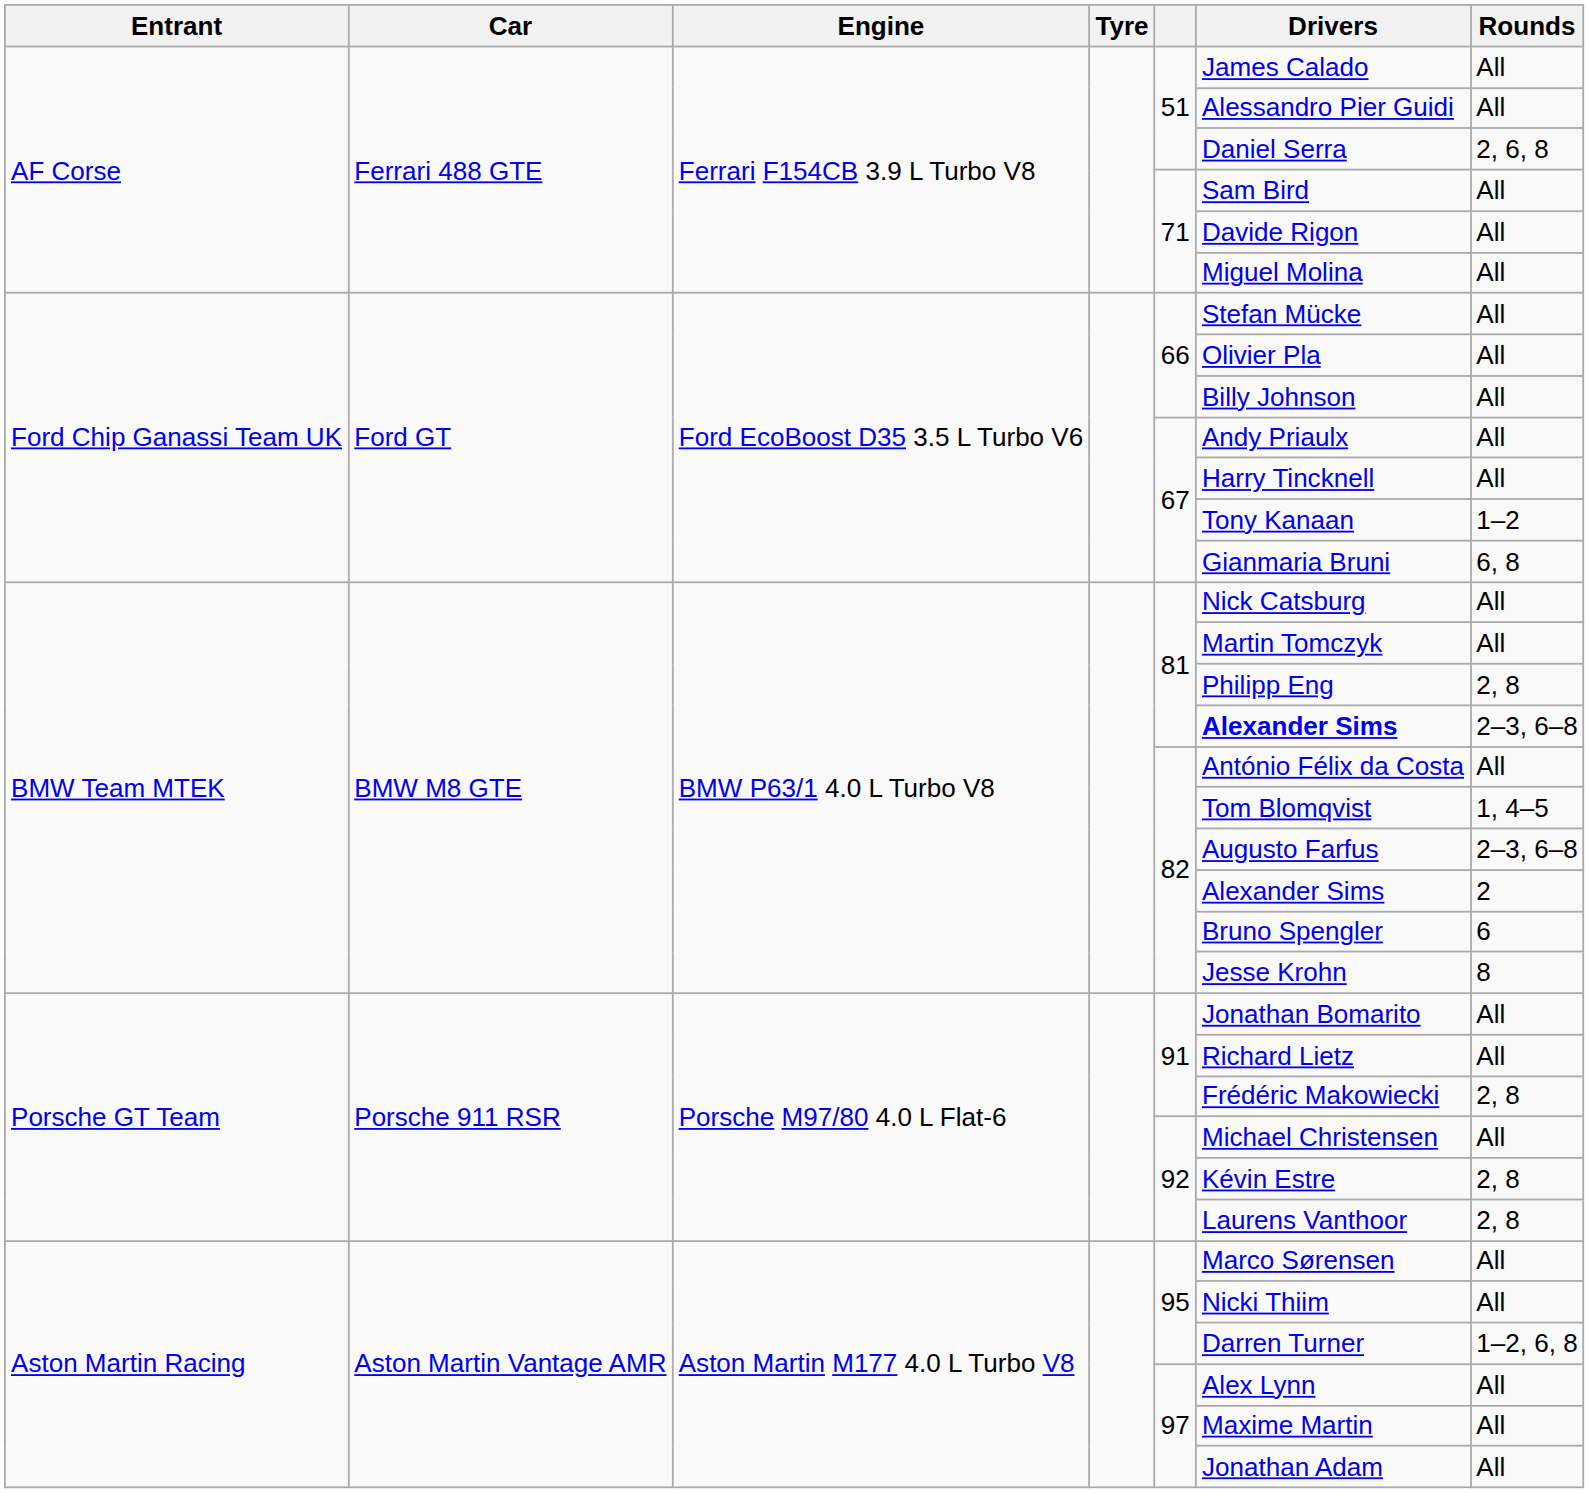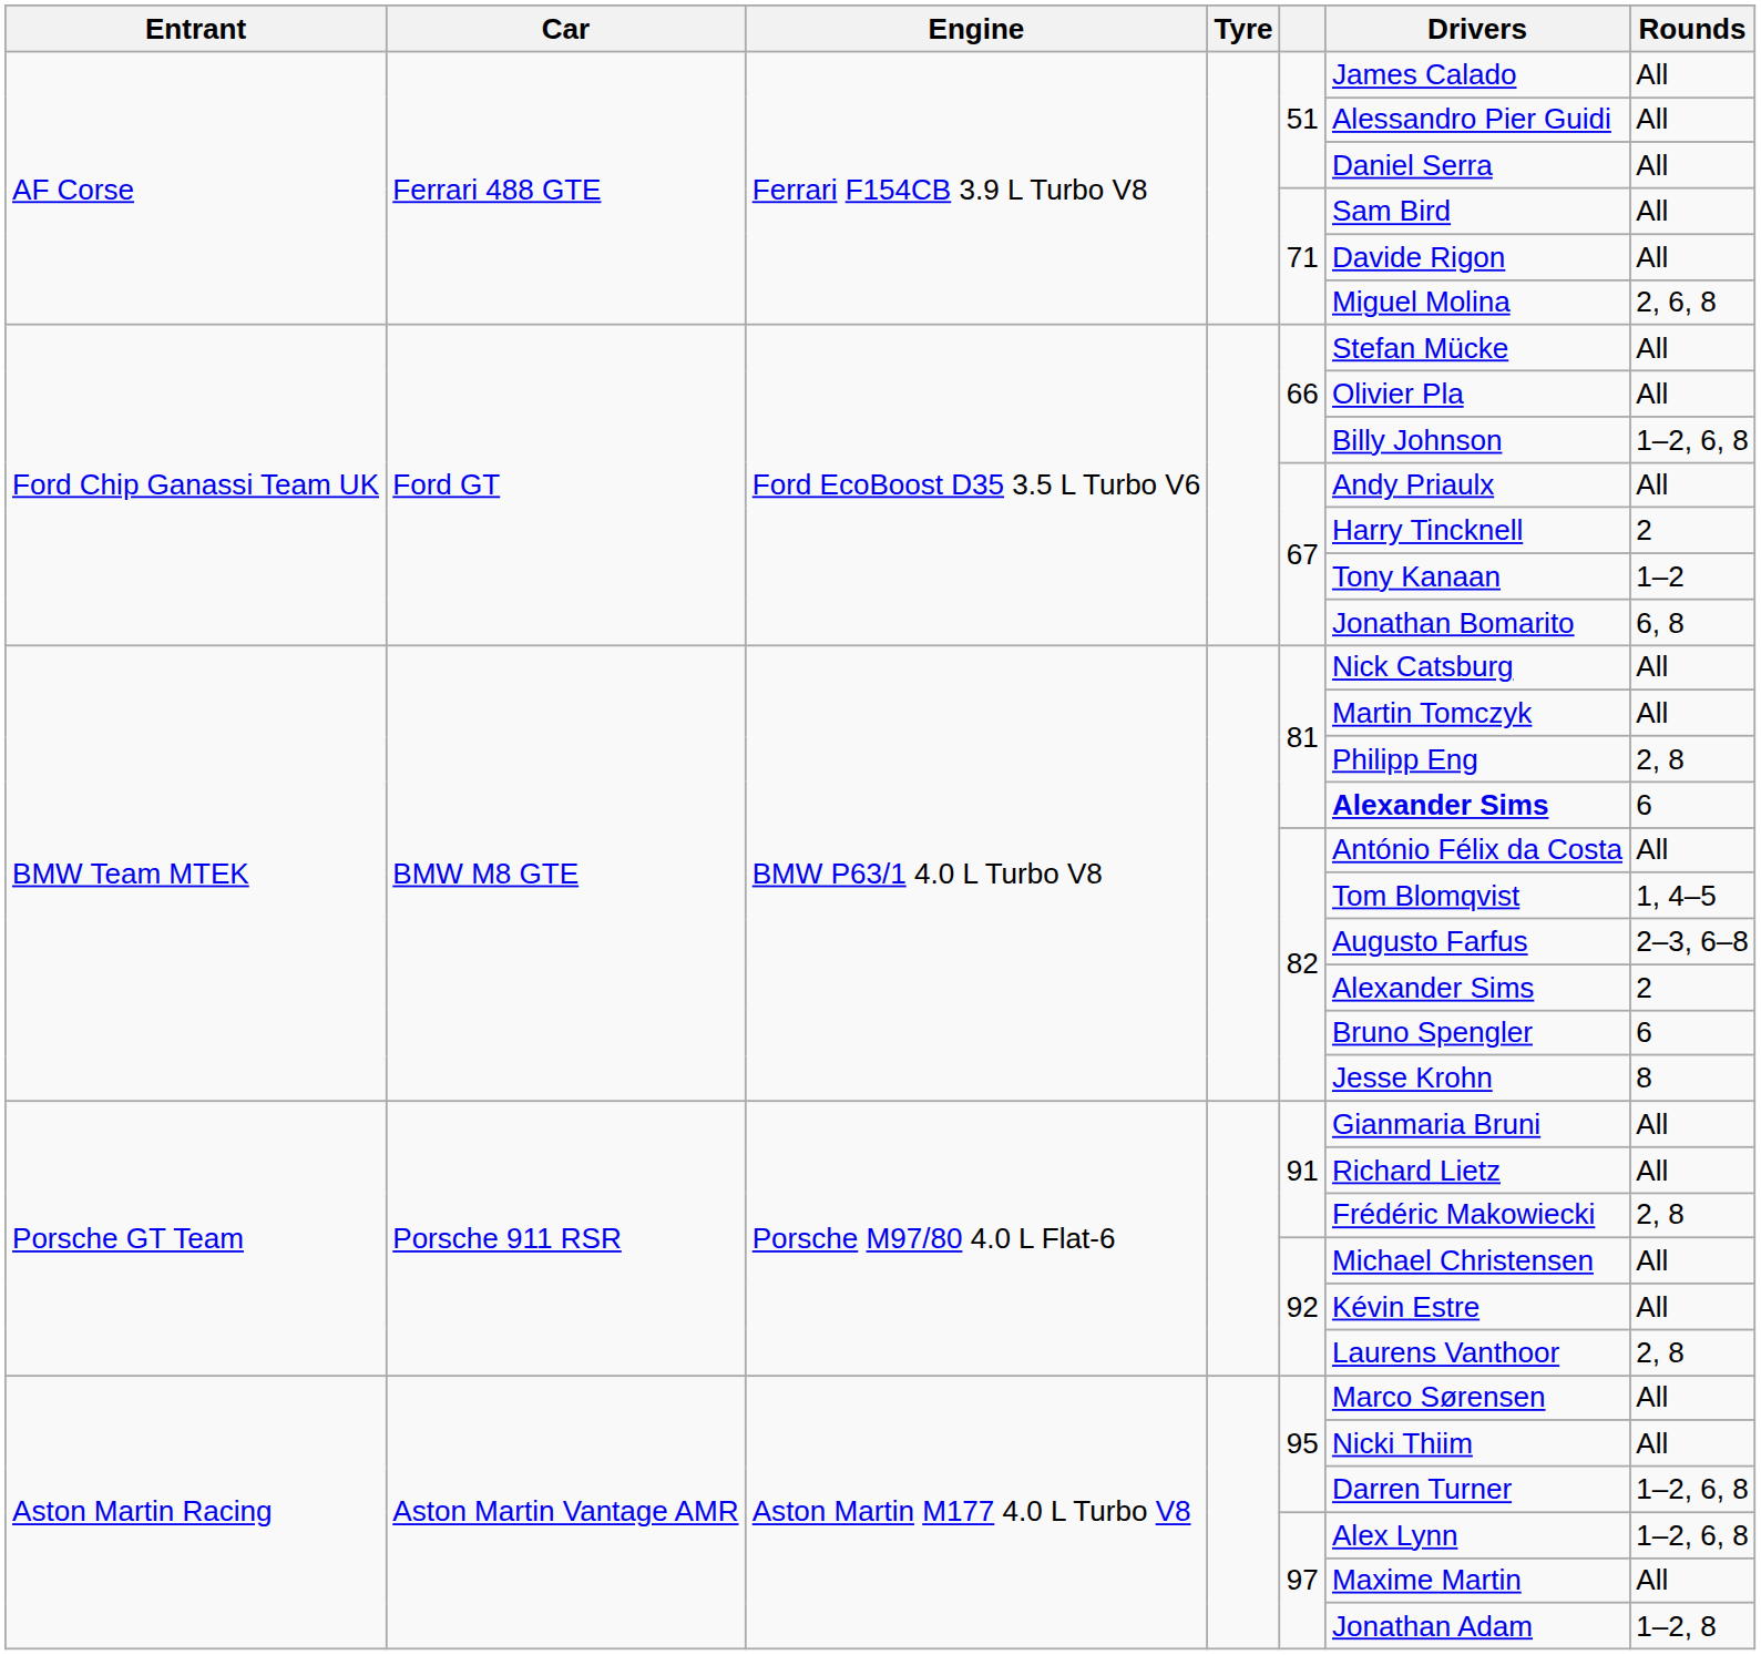 <table class="wikitable" style="font-size: 90%">
 <tr>
 <th>Entrant</th>
 <th>Car</th>
 <th>Engine</th>
 <th>Tyre</th>
 <th></th>
 <th>Drivers</th>
 <th>Rounds</th>
 </tr>
 <tr>
 <td rowspan=6> <a href='#'>AF Corse</a></td>
 <td rowspan=6><a href='#'>Ferrari 488 GTE</a></td>
 <td rowspan=6><a href='#'>Ferrari</a> <a href='#'>F154CB</a> 3.9 L Turbo V8</td>
 <td rowspan=6></td>
 <td rowspan=3>51</td>
 <td> <a href='#'>James Calado</a></td>
 <td>All</td>
 </tr>
 <tr>
 <td> <a href='#'>Alessandro Pier Guidi</a></td>
 <td>All</td>
 </tr>
 <tr>
 <td> <a href='#'>Daniel Serra</a></td>
-<td>2, 6, 8</td>
+<td>All</td>
 </tr>
 <tr>
 <td rowspan=3>71</td>
 <td> <a href='#'>Sam Bird</a></td>
 <td>All</td>
 </tr>
 <tr>
 <td> <a href='#'>Davide Rigon</a></td>
 <td>All</td>
 </tr>
 <tr>
 <td> <a href='#'>Miguel Molina</a></td>
-<td>All</td>
+<td>2, 6, 8</td>
 </tr>
 <tr>
 <td rowspan=7> <a href='#'>Ford Chip Ganassi Team UK</a></td>
 <td rowspan=7><a href='#'>Ford GT</a></td>
 <td rowspan=7><a href='#'>Ford EcoBoost D35</a> 3.5 L Turbo V6</td>
 <td rowspan=7></td>
 <td rowspan=3>66</td>
 <td> <a href='#'>Stefan Mücke</a></td>
 <td>All</td>
 </tr>
 <tr>
 <td> <a href='#'>Olivier Pla</a></td>
 <td>All</td>
 </tr>
 <tr>
 <td> <a href='#'>Billy Johnson</a></td>
-<td>All</td>
+<td>1–2, 6, 8</td>
 </tr>
 <tr>
 <td rowspan=4>67</td>
 <td> <a href='#'>Andy Priaulx</a></td>
 <td>All</td>
 </tr>
 <tr>
 <td> <a href='#'>Harry Tincknell</a></td>
-<td>All</td>
+<td>2</td>
 </tr>
 <tr>
 <td> <a href='#'>Tony Kanaan</a></td>
 <td>1–2</td>
 </tr>
 <tr>
-<td> <a href='#'>Gianmaria Bruni</a></td>
+<td> <a href='#'>Jonathan Bomarito</a></td>
 <td>6, 8</td>
 </tr>
 <tr>
 <td rowspan=10> <a href='#'>BMW Team MTEK</a></td>
 <td rowspan=10><a href='#'>BMW M8 GTE</a></td>
 <td rowspan=10><a href='#'>BMW P63/1</a> 4.0 L Turbo V8</td>
 <td rowspan=10></td>
 <td rowspan=4>81</td>
 <td> <a href='#'>Nick Catsburg</a></td>
 <td>All</td>
 </tr>
 <tr>
 <td> <a href='#'>Martin Tomczyk</a></td>
 <td>All</td>
 </tr>
 <tr>
 <td> <a href='#'>Philipp Eng</a></td>
 <td>2, 8</td>
 </tr>
 <tr>
 <td><strong> <a href='#'>Alexander Sims</a></strong></td>
-<td>2–3, 6–8</td>
+<td>6</td>
 </tr>
 <tr>
 <td rowspan=6>82</td>
 <td> <a href='#'>António Félix da Costa</a></td>
 <td>All</td>
 </tr>
 <tr>
 <td> <a href='#'>Tom Blomqvist</a></td>
 <td>1, 4–5</td>
 </tr>
 <tr>
 <td> <a href='#'>Augusto Farfus</a></td>
 <td>2–3, 6–8</td>
 </tr>
 <tr>
 <td> <a href='#'>Alexander Sims</a></td>
 <td>2</td>
 </tr>
 <tr>
 <td> <a href='#'>Bruno Spengler</a></td>
 <td>6</td>
 </tr>
 <tr>
 <td> <a href='#'>Jesse Krohn</a></td>
 <td>8</td>
 </tr>
 <tr>
 <td rowspan=6> <a href='#'>Porsche GT Team</a></td>
 <td rowspan=6><a href='#'>Porsche 911 RSR</a></td>
 <td rowspan=6><a href='#'>Porsche</a> <a href='#'>M97/80</a> 4.0 L Flat-6</td>
 <td rowspan=6></td>
 <td rowspan=3>91</td>
-<td> <a href='#'>Jonathan Bomarito</a></td>
+<td> <a href='#'>Gianmaria Bruni</a></td>
 <td>All</td>
 </tr>
 <tr>
 <td> <a href='#'>Richard Lietz</a></td>
 <td>All</td>
 </tr>
 <tr>
 <td> <a href='#'>Frédéric Makowiecki</a></td>
 <td>2, 8</td>
 </tr>
 <tr>
 <td rowspan=3>92</td>
 <td> <a href='#'>Michael Christensen</a></td>
 <td>All</td>
 </tr>
 <tr>
 <td> <a href='#'>Kévin Estre</a></td>
-<td>2, 8</td>
+<td>All</td>
 </tr>
 <tr>
 <td> <a href='#'>Laurens Vanthoor</a></td>
 <td>2, 8</td>
 </tr>
 <tr>
 <td rowspan=6> <a href='#'>Aston Martin Racing</a></td>
 <td rowspan=6><a href='#'>Aston Martin Vantage AMR</a></td>
 <td rowspan=6><a href='#'>Aston Martin</a> <a href='#'>M177</a> 4.0 L Turbo <a href='#'>V8</a></td>
 <td rowspan=6></td>
 <td rowspan=3>95</td>
 <td> <a href='#'>Marco Sørensen</a></td>
 <td>All</td>
 </tr>
 <tr>
 <td> <a href='#'>Nicki Thiim</a></td>
 <td>All</td>
 </tr>
 <tr>
 <td> <a href='#'>Darren Turner</a></td>
 <td>1–2, 6, 8</td>
 </tr>
 <tr>
 <td rowspan=3>97</td>
 <td> <a href='#'>Alex Lynn</a></td>
-<td>All</td>
+<td>1–2, 6, 8</td>
 </tr>
 <tr>
 <td> <a href='#'>Maxime Martin</a></td>
 <td>All</td>
 </tr>
 <tr>
 <td> <a href='#'>Jonathan Adam</a></td>
-<td>All</td>
+<td>1–2, 8</td>
 </tr>
 </table>
